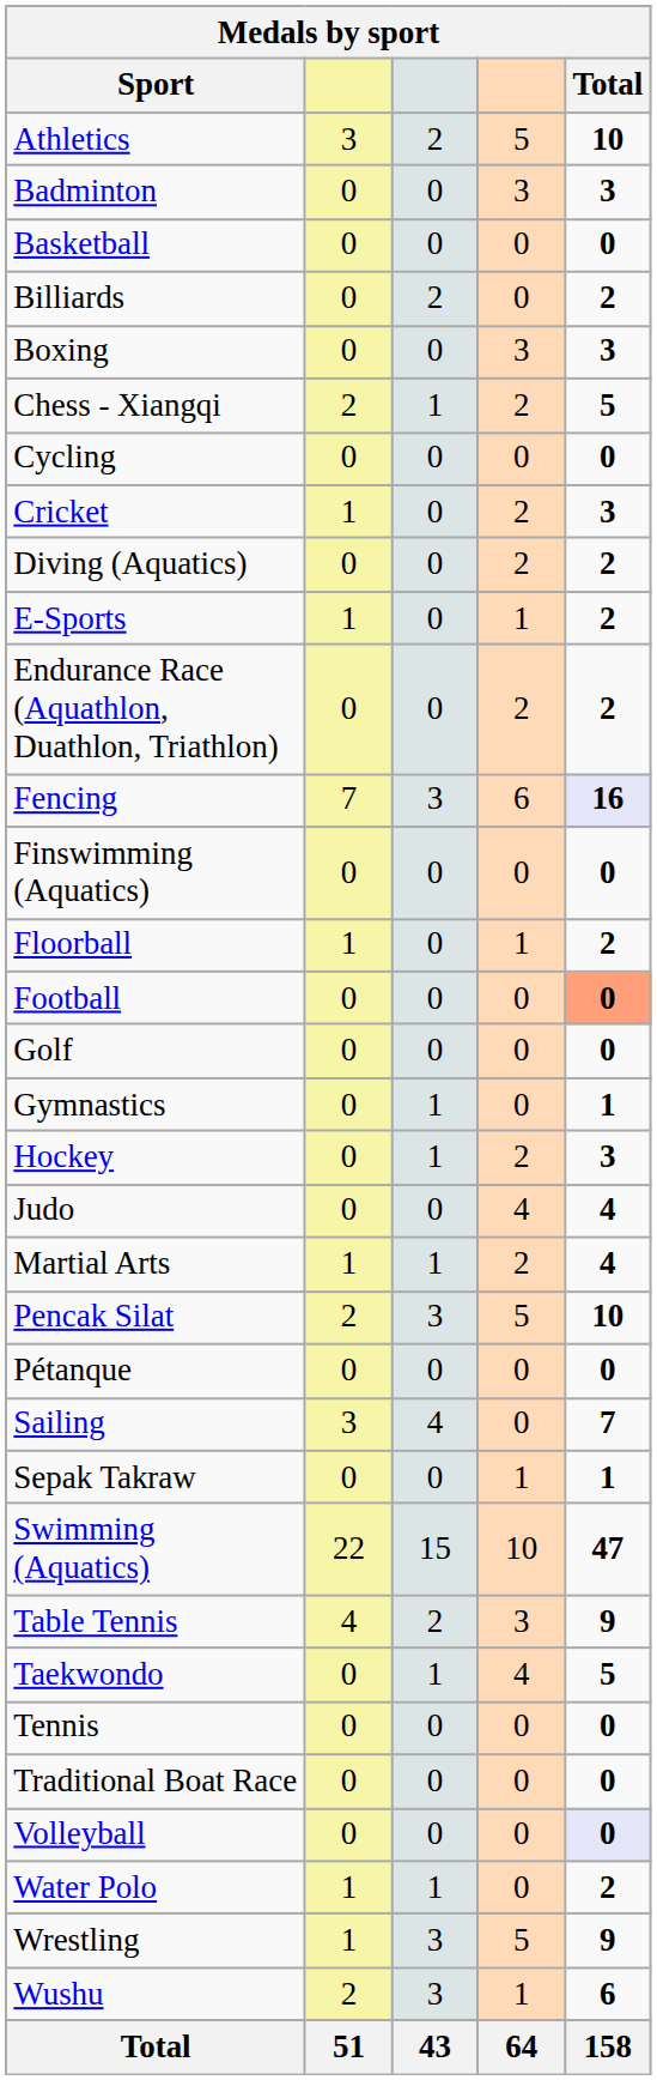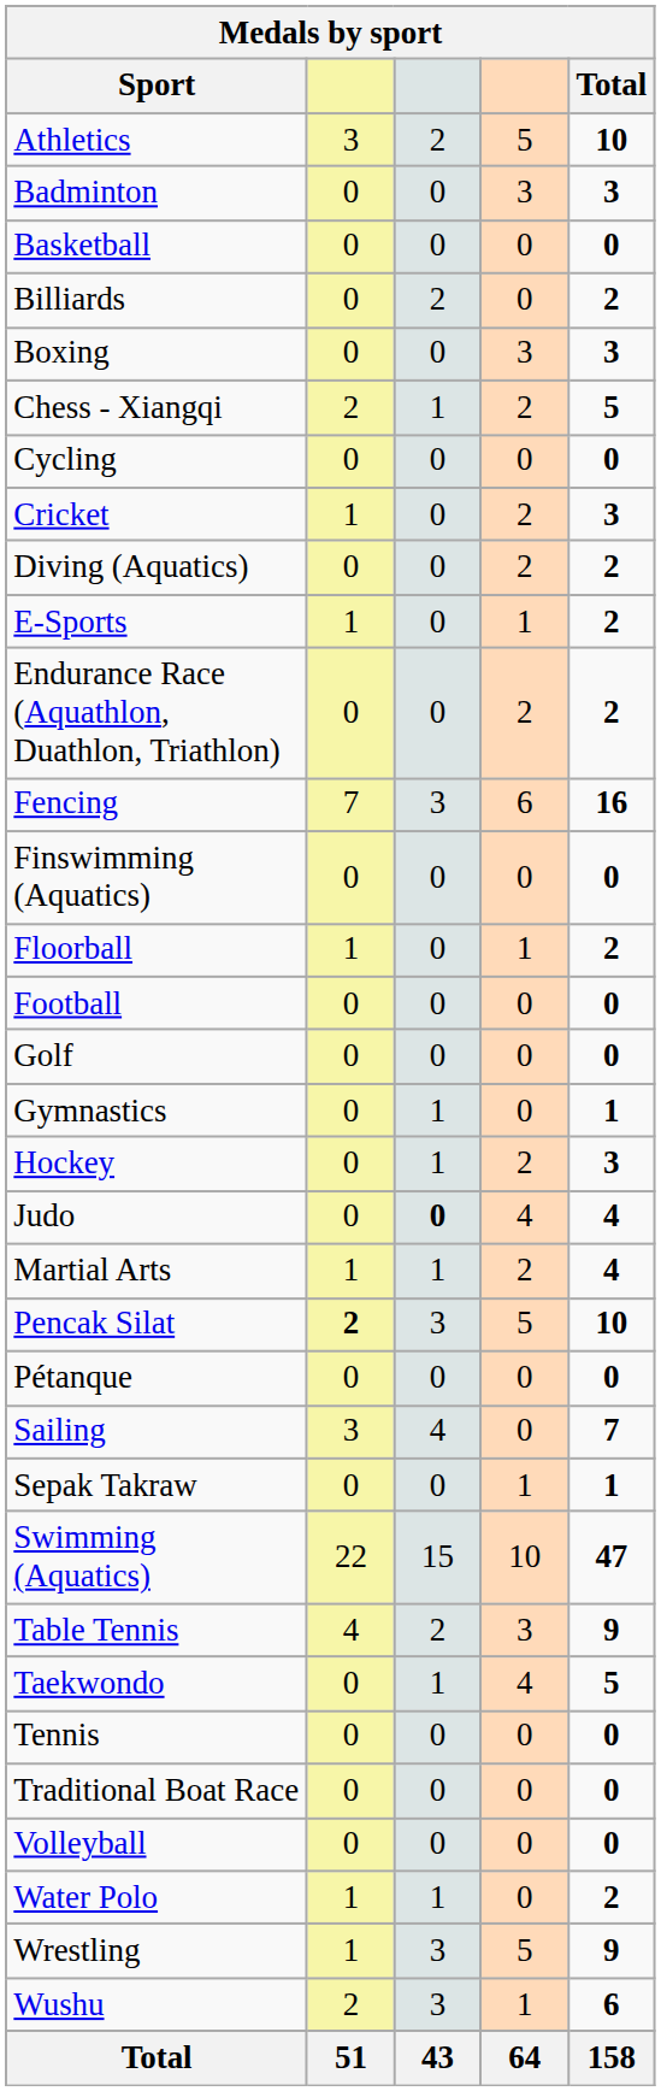 <table class="wikitable" style="font-size:85%;float:center;text-align:center">
 <tr>
 <th colspan=5>Medals by sport</th>
 </tr>
 <tr align=center>
 <th width=120>Sport</th>
 <th scope="col" width=30 style="background:#F7F6A8;"></th>
 <th scope="col" width=30 style="background:#DCE5E5;"></th>
 <th scope="col" width=30 style="background:#FFDAB9;"></th>
 <th width=30>Total</th>
 </tr>
 <tr align=center>
 <td align=left><a href='#'>Athletics</a></td>
 <td style="background:#F7F6A8;">3</td>
 <td style="background:#DCE5E5;">2</td>
 <td style="background:#FFDAB9;">5</td>
 <td><strong>10</strong></td>
 </tr>
 <tr align=center>
 <td align=left><a href='#'>Badminton</a></td>
 <td style="background:#F7F6A8;">0</td>
 <td style="background:#DCE5E5;">0</td>
 <td style="background:#FFDAB9;">3</td>
 <td><strong>3</strong></td>
 </tr>
 <tr align=center>
 <td align=left><a href='#'>Basketball</a></td>
 <td style="background:#F7F6A8;">0</td>
 <td style="background:#DCE5E5;">0</td>
 <td style="background:#FFDAB9;">0</td>
 <td><strong>0</strong></td>
 </tr>
 <tr align=center>
 <td align=left>Billiards</td>
 <td style="background:#F7F6A8;">0</td>
 <td style="background:#DCE5E5;">2</td>
 <td style="background:#FFDAB9;">0</td>
 <td><strong>2</strong></td>
 </tr>
 <tr align=center>
 <td align=left>Boxing</td>
 <td style="background:#F7F6A8;">0</td>
 <td style="background:#DCE5E5;">0</td>
 <td style="background:#FFDAB9;">3</td>
 <td><strong>3</strong></td>
 </tr>
 <tr align=center>
 <td align=left>Chess - Xiangqi</td>
 <td style="background:#F7F6A8;">2</td>
 <td style="background:#DCE5E5;">1</td>
 <td style="background:#FFDAB9;">2</td>
 <td><strong>5</strong></td>
 </tr>
 <tr align=center>
 <td align=left>Cycling</td>
 <td style="background:#F7F6A8;">0</td>
 <td style="background:#DCE5E5;">0</td>
 <td style="background:#FFDAB9;">0</td>
 <td><strong>0</strong></td>
 </tr>
 <tr align=center>
 <td align=left><a href='#'>Cricket</a></td>
 <td style="background:#F7F6A8;">1</td>
 <td style="background:#DCE5E5;">0</td>
 <td style="background:#FFDAB9;">2</td>
 <td><strong>3</strong></td>
 </tr>
 <tr align=center>
 <td align=left>Diving (Aquatics)</td>
 <td style="background:#F7F6A8;">0</td>
 <td style="background:#DCE5E5;">0</td>
 <td style="background:#FFDAB9;">2</td>
 <td><strong>2</strong></td>
 </tr>
 <tr align=center>
 <td align=left><a href='#'>E-Sports</a></td>
 <td style="background:#F7F6A8;">1</td>
 <td style="background:#DCE5E5;">0</td>
 <td style="background:#FFDAB9;">1</td>
 <td><strong>2</strong></td>
 </tr>
 <tr align=center>
 <td align=left>Endurance Race (<a href='#'>Aquathlon</a>, Duathlon, Triathlon)</td>
 <td style="background:#F7F6A8;">0</td>
 <td style="background:#DCE5E5;">0</td>
 <td style="background:#FFDAB9;">2</td>
 <td><strong>2</strong></td>
 </tr>
 <tr align=center>
 <td align=left><a href='#'>Fencing</a></td>
 <td style="background:#F7F6A8;">7</td>
 <td style="background:#DCE5E5;">3</td>
 <td style="background:#FFDAB9;">6</td>
-<td style="background: lavender;"><strong>16</strong></td>
+<td><strong>16</strong></td>
 </tr>
 <tr align=center>
 <td align=left>Finswimming (Aquatics)</td>
 <td style="background:#F7F6A8;">0</td>
 <td style="background:#DCE5E5;">0</td>
 <td style="background:#FFDAB9;">0</td>
 <td><strong>0</strong></td>
 </tr>
 <tr align=center>
 <td align=left><a href='#'>Floorball</a></td>
 <td style="background:#F7F6A8;">1</td>
 <td style="background:#DCE5E5;">0</td>
 <td style="background:#FFDAB9;">1</td>
 <td><strong>2</strong></td>
 </tr>
 <tr align=center>
 <td align=left><a href='#'>Football</a></td>
 <td style="background:#F7F6A8;">0</td>
 <td style="background:#DCE5E5;">0</td>
 <td style="background:#FFDAB9;">0</td>
-<td style="background: lightsalmon;"><strong>0</strong></td>
+<td><strong>0</strong></td>
 </tr>
 <tr align=center>
 <td align=left>Golf</td>
 <td style="background:#F7F6A8;">0</td>
 <td style="background:#DCE5E5;">0</td>
 <td style="background:#FFDAB9;">0</td>
 <td><strong>0</strong></td>
 </tr>
 <tr align=center>
 <td align=left>Gymnastics</td>
 <td style="background:#F7F6A8;">0</td>
 <td style="background:#DCE5E5;">1</td>
 <td style="background:#FFDAB9;">0</td>
 <td><strong>1</strong></td>
 </tr>
 <tr align=center>
 <td align=left><a href='#'>Hockey</a></td>
 <td style="background:#F7F6A8;">0</td>
 <td style="background:#DCE5E5;">1</td>
 <td style="background:#FFDAB9;">2</td>
 <td><strong>3</strong></td>
 </tr>
 <tr align=center>
 <td align=left>Judo</td>
 <td style="background:#F7F6A8;">0</td>
-<td style="background:#DCE5E5;">0</td>
+<td style="background:#DCE5E5;"><strong>0</strong></td>
 <td style="background:#FFDAB9;">4</td>
 <td><strong>4</strong></td>
 </tr>
 <tr align=center>
 <td align=left>Martial Arts</td>
 <td style="background:#F7F6A8;">1</td>
 <td style="background:#DCE5E5;">1</td>
 <td style="background:#FFDAB9;">2</td>
 <td><strong>4</strong></td>
 </tr>
 <tr align=center>
 <td align=left><a href='#'>Pencak Silat</a></td>
-<td style="background:#F7F6A8;">2</td>
+<td style="background:#F7F6A8;"><strong>2</strong></td>
 <td style="background:#DCE5E5;">3</td>
 <td style="background:#FFDAB9;">5</td>
 <td><strong>10</strong></td>
 </tr>
 <tr align=center>
 <td align=left>Pétanque</td>
 <td style="background:#F7F6A8;">0</td>
 <td style="background:#DCE5E5;">0</td>
 <td style="background:#FFDAB9;">0</td>
 <td><strong>0</strong></td>
 </tr>
 <tr align=center>
 <td align=left><a href='#'>Sailing</a></td>
 <td style="background:#F7F6A8;">3</td>
 <td style="background:#DCE5E5;">4</td>
 <td style="background:#FFDAB9;">0</td>
 <td><strong>7</strong></td>
 </tr>
 <tr align=center>
 <td align=left>Sepak Takraw</td>
 <td style="background:#F7F6A8;">0</td>
 <td style="background:#DCE5E5;">0</td>
 <td style="background:#FFDAB9;">1</td>
 <td><strong>1</strong></td>
 </tr>
 <tr align=center>
 <td align=left><a href='#'>Swimming (Aquatics)</a></td>
 <td style="background:#F7F6A8;">22</td>
 <td style="background:#DCE5E5;">15</td>
 <td style="background:#FFDAB9;">10</td>
 <td><strong>47</strong></td>
 </tr>
 <tr align=center>
 <td align=left><a href='#'>Table Tennis</a></td>
 <td style="background:#F7F6A8;">4</td>
 <td style="background:#DCE5E5;">2</td>
 <td style="background:#FFDAB9;">3</td>
 <td><strong>9</strong></td>
 </tr>
 <tr align=center>
 <td align=left><a href='#'>Taekwondo</a></td>
 <td style="background:#F7F6A8;">0</td>
 <td style="background:#DCE5E5;">1</td>
 <td style="background:#FFDAB9;">4</td>
 <td><strong>5</strong></td>
 </tr>
 <tr align=center>
 <td align=left>Tennis</td>
 <td style="background:#F7F6A8;">0</td>
 <td style="background:#DCE5E5;">0</td>
 <td style="background:#FFDAB9;">0</td>
 <td><strong>0</strong></td>
 </tr>
 <tr align=center>
 <td align=left>Traditional Boat Race</td>
 <td style="background:#F7F6A8;">0</td>
 <td style="background:#DCE5E5;">0</td>
 <td style="background:#FFDAB9;">0</td>
 <td><strong>0</strong></td>
 </tr>
 <tr align=center>
 <td align=left><a href='#'>Volleyball</a></td>
 <td style="background:#F7F6A8;">0</td>
 <td style="background:#DCE5E5;">0</td>
 <td style="background:#FFDAB9;">0</td>
-<td style="background: lavender;"><strong>0</strong></td>
+<td><strong>0</strong></td>
 </tr>
 <tr align=center>
 <td align=left><a href='#'>Water Polo</a></td>
 <td style="background:#F7F6A8;">1</td>
 <td style="background:#DCE5E5;">1</td>
 <td style="background:#FFDAB9;">0</td>
 <td><strong>2</strong></td>
 </tr>
 <tr align=center>
 <td align=left>Wrestling</td>
 <td style="background:#F7F6A8;">1</td>
 <td style="background:#DCE5E5;">3</td>
 <td style="background:#FFDAB9;">5</td>
 <td><strong>9</strong></td>
 </tr>
 <tr align=center>
 <td align=left><a href='#'>Wushu</a></td>
 <td style="background:#F7F6A8;">2</td>
 <td style="background:#DCE5E5;">3</td>
 <td style="background:#FFDAB9;">1</td>
 <td><strong>6</strong></td>
 </tr>
 <tr class="sortbottom">
 <th>Total</th>
 <th>51</th>
 <th>43</th>
 <th>64</th>
 <th>158</th>
 </tr>
 </table>
